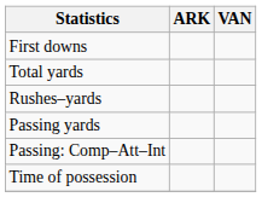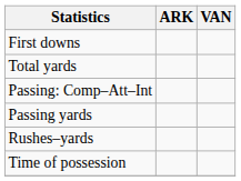 <table class="wikitable" style="float: left;">
 <tr>
 <th>Statistics</th>
 <th>ARK</th>
 <th>VAN</th>
 </tr>
 <tr>
 <td>First downs</td>
 <td></td>
 <td></td>
 </tr>
 <tr>
 <td>Total yards</td>
 <td></td>
 <td></td>
 </tr>
 <tr>
-<td>Rushes–yards</td>
+<td>Passing: Comp–Att–Int</td>
 <td></td>
 <td></td>
 </tr>
 <tr>
 <td>Passing yards</td>
 <td></td>
 <td></td>
 </tr>
 <tr>
-<td>Passing: Comp–Att–Int</td>
+<td>Rushes–yards</td>
 <td></td>
 <td></td>
 </tr>
 <tr>
 <td>Time of possession</td>
 <td></td>
 <td></td>
 </tr>
 <tr>
 </tr>
 </table>
